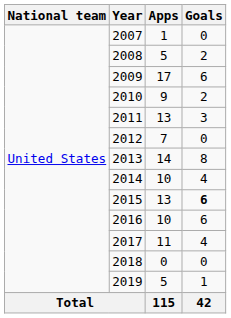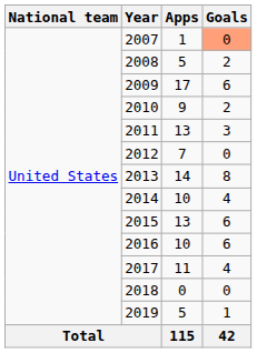 <table class="wikitable" style="text-align:center">
 <tr>
 <th>National team</th>
 <th>Year</th>
 <th>Apps</th>
 <th>Goals</th>
 </tr>
 <tr>
 <td rowspan="13"><a href='#'>United States</a></td>
 <td>2007</td>
 <td>1</td>
-<td>0</td>
+<td style="background: lightsalmon;">0</td>
 </tr>
 <tr>
 <td>2008</td>
 <td>5</td>
 <td>2</td>
 </tr>
 <tr>
 <td>2009</td>
 <td>17</td>
 <td>6</td>
 </tr>
 <tr>
 <td>2010</td>
 <td>9</td>
 <td>2</td>
 </tr>
 <tr>
 <td>2011</td>
 <td>13</td>
 <td>3</td>
 </tr>
 <tr>
 <td>2012</td>
 <td>7</td>
 <td>0</td>
 </tr>
 <tr>
 <td>2013</td>
 <td>14</td>
 <td>8</td>
 </tr>
 <tr>
 <td>2014</td>
 <td>10</td>
 <td>4</td>
 </tr>
 <tr>
 <td>2015</td>
 <td>13</td>
-<td><strong>6</strong></td>
+<td>6</td>
 </tr>
 <tr>
 <td>2016</td>
 <td>10</td>
 <td>6</td>
 </tr>
 <tr>
 <td>2017</td>
 <td>11</td>
 <td>4</td>
 </tr>
 <tr>
 <td>2018</td>
 <td>0</td>
 <td>0</td>
 </tr>
 <tr>
 <td>2019</td>
 <td>5</td>
 <td>1</td>
 </tr>
 <tr>
 <th colspan="2">Total</th>
 <th>115</th>
 <th>42</th>
 </tr>
 </table>
